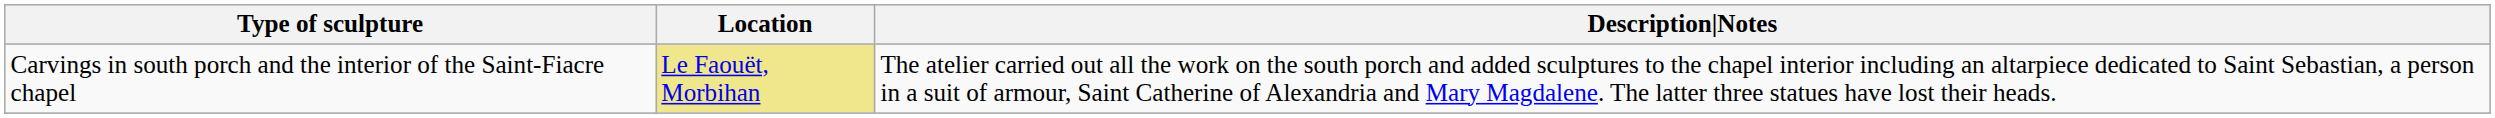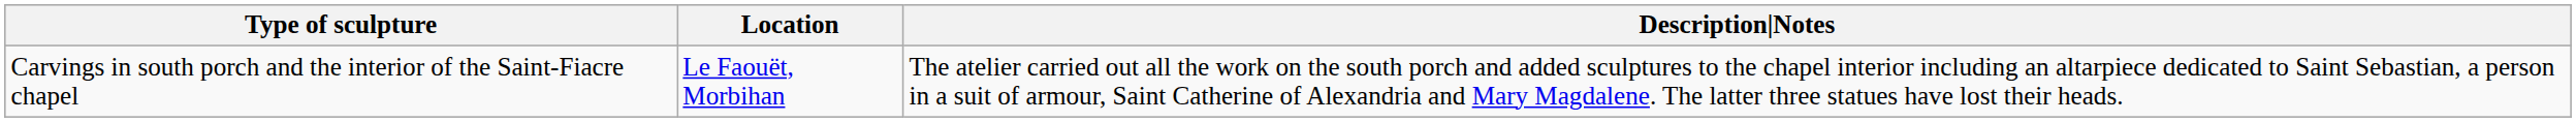 <table class="wikitable sortable" style="width:100%; margin-top:0.5em;">
 <tr>
 <th scope="col">Type of sculpture</th>
 <th scope="col">Location</th>
 <th scope="col" style="width:65%;">Description|Notes</th>
 </tr>
 <tr>
 <td>Carvings in south porch and the interior of the Saint-Fiacre chapel</td>
-<td style="background: khaki;"><a href='#'>Le Faouët, Morbihan</a></td>
+<td><a href='#'>Le Faouët, Morbihan</a></td>
 <td>The atelier carried out all the work on the south porch and added sculptures to the chapel interior including an altarpiece dedicated to Saint Sebastian, a person in a suit of armour, Saint Catherine of Alexandria and <a href='#'>Mary Magdalene</a>. The latter three statues have lost their heads.<br></td>
 </tr>
 </table>
